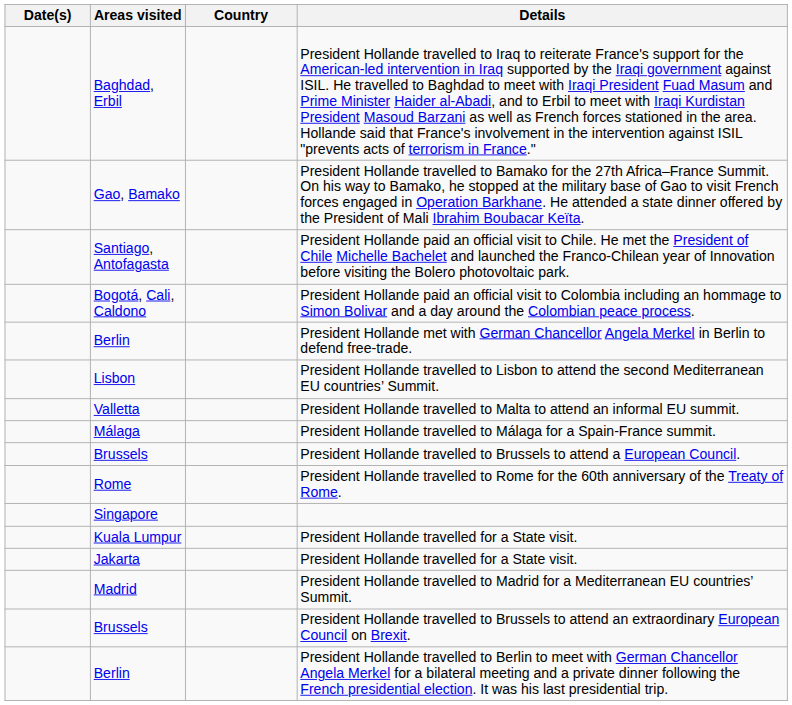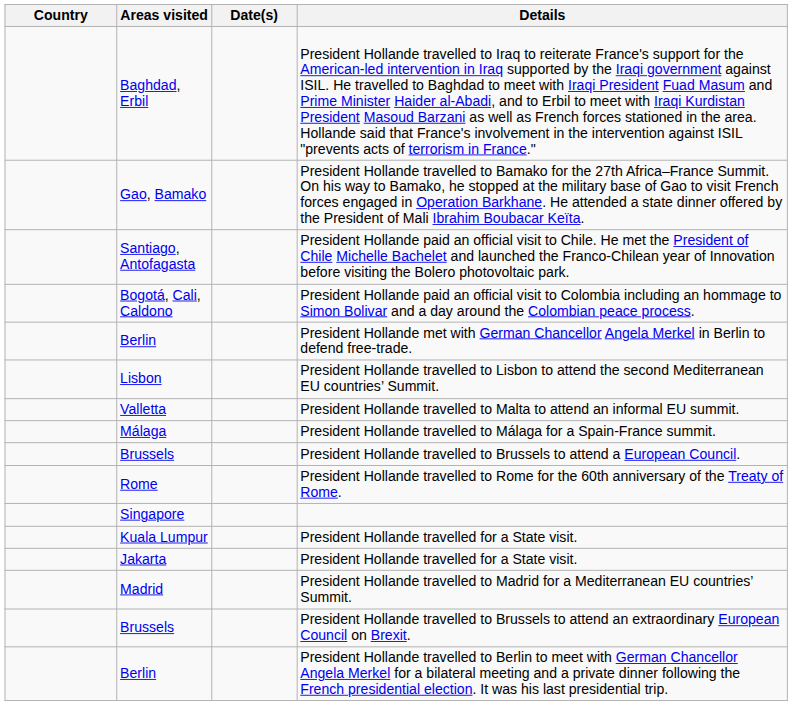 <table class="wikitable sortable outercollapse" style="margin: 1em auto 1em auto">
 <tr>
+<th width=120>Country</th>
+<th width=100>Areas visited</th>
 <th width=90>Date(s)</th>
-<th width=100>Areas visited</th>
-<th width=120>Country</th>
 <th width=550>Details</th>
 </tr>
 <tr>
 <td></td>
 <td><a href='#'>Baghdad</a>, <a href='#'>Erbil</a></td>
 <td></td>
 <td><br> President Hollande travelled to Iraq to reiterate France's support for the <a href='#'>American-led intervention in Iraq</a> supported by the <a href='#'>Iraqi government</a> against ISIL. He travelled to Baghdad to meet with <a href='#'>Iraqi President</a> <a href='#'>Fuad Masum</a> and <a href='#'>Prime Minister</a> <a href='#'>Haider al-Abadi</a>, and to Erbil to meet with <a href='#'>Iraqi Kurdistan President</a> <a href='#'>Masoud Barzani</a> as well as French forces stationed in the area. Hollande said that France's involvement in the intervention against ISIL "prevents acts of <a href='#'>terrorism in France</a>."</td>
 </tr>
 <tr>
 <td></td>
 <td><a href='#'>Gao</a>, <a href='#'>Bamako</a></td>
 <td></td>
 <td>President Hollande travelled to Bamako for the 27th Africa–France Summit. On his way to Bamako, he stopped at the military base of Gao to visit French forces engaged in <a href='#'>Operation Barkhane</a>. He attended a state dinner offered by the President of Mali <a href='#'>Ibrahim Boubacar Keïta</a>.</td>
 </tr>
 <tr>
 <td></td>
 <td><a href='#'>Santiago</a>, <a href='#'>Antofagasta</a></td>
 <td></td>
 <td>President Hollande paid an official visit to Chile. He met the <a href='#'>President of Chile</a> <a href='#'>Michelle Bachelet</a> and launched the Franco-Chilean year of Innovation before visiting the Bolero photovoltaic park.</td>
 </tr>
 <tr>
 <td></td>
 <td><a href='#'>Bogotá</a>, <a href='#'>Cali</a>, <a href='#'>Caldono</a></td>
 <td></td>
 <td>President Hollande paid an official visit to Colombia including an hommage to <a href='#'>Simon Bolivar</a> and a day around the <a href='#'>Colombian peace process</a>.</td>
 </tr>
 <tr>
 <td></td>
 <td><a href='#'>Berlin</a></td>
 <td></td>
 <td>President Hollande met with <a href='#'>German Chancellor</a> <a href='#'>Angela Merkel</a> in Berlin to defend free-trade.</td>
 </tr>
 <tr>
 <td></td>
 <td><a href='#'>Lisbon</a></td>
 <td></td>
 <td>President Hollande travelled to Lisbon to attend the second Mediterranean EU countries’ Summit.</td>
 </tr>
 <tr>
 <td></td>
 <td><a href='#'>Valletta</a></td>
 <td></td>
 <td>President Hollande travelled to Malta to attend an informal EU summit.</td>
 </tr>
 <tr>
 <td></td>
 <td><a href='#'>Málaga</a></td>
 <td></td>
 <td>President Hollande travelled to Málaga for a Spain-France summit.</td>
 </tr>
 <tr>
 <td></td>
 <td><a href='#'>Brussels</a></td>
 <td></td>
 <td>President Hollande travelled to Brussels to attend a <a href='#'>European Council</a>.</td>
 </tr>
 <tr>
 <td></td>
 <td><a href='#'>Rome</a></td>
 <td></td>
 <td>President Hollande travelled to Rome for the 60th anniversary of the <a href='#'>Treaty of Rome</a>.</td>
 </tr>
 <tr>
 <td></td>
 <td><a href='#'>Singapore</a></td>
 <td></td>
 <td></td>
 </tr>
 <tr>
 <td></td>
 <td><a href='#'>Kuala Lumpur</a></td>
 <td></td>
 <td>President Hollande travelled for a State visit.</td>
 </tr>
 <tr>
 <td></td>
 <td><a href='#'>Jakarta</a></td>
 <td></td>
 <td>President Hollande travelled for a State visit.</td>
 </tr>
 <tr>
 <td></td>
 <td><a href='#'>Madrid</a></td>
 <td></td>
 <td>President Hollande travelled to Madrid for a Mediterranean EU countries’ Summit.</td>
 </tr>
 <tr>
 <td></td>
 <td><a href='#'>Brussels</a></td>
 <td></td>
 <td>President Hollande travelled to Brussels to attend an extraordinary <a href='#'>European Council</a> on <a href='#'>Brexit</a>.</td>
 </tr>
 <tr>
 <td></td>
 <td><a href='#'>Berlin</a></td>
 <td></td>
 <td>President Hollande travelled to Berlin to meet with <a href='#'>German Chancellor</a> <a href='#'>Angela Merkel</a> for a bilateral meeting and a private dinner following the <a href='#'>French presidential election</a>. It was his last presidential trip.</td>
 </tr>
 </table>
